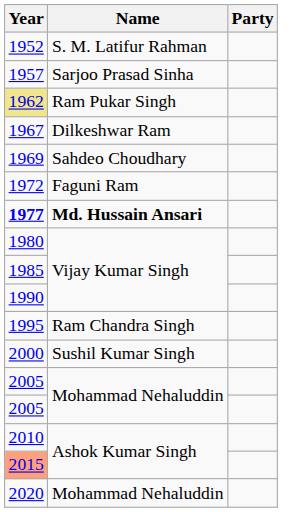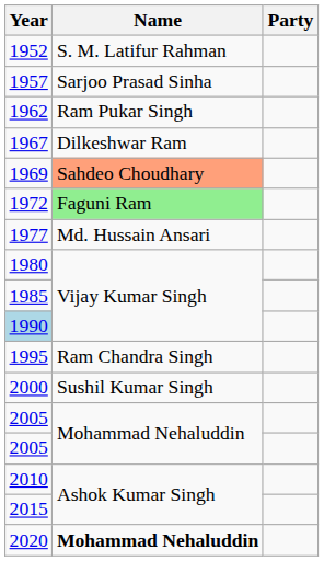 <table class="wikitable sortable">
 <tr>
 <th>Year</th>
 <th>Name</th>
 <th colspan="2">Party</th>
 </tr>
 <tr>
 <td><a href='#'>1952</a></td>
 <td>S. M. Latifur Rahman</td>
 <td></td>
 </tr>
 <tr>
 <td><a href='#'>1957</a></td>
 <td>Sarjoo Prasad Sinha</td>
 </tr>
 <tr>
-<td style="background: khaki;"><a href='#'>1962</a></td>
+<td><a href='#'>1962</a></td>
 <td>Ram Pukar Singh</td>
 <td></td>
 </tr>
 <tr>
 <td><a href='#'>1967</a></td>
 <td>Dilkeshwar Ram</td>
 <td></td>
 </tr>
 <tr>
 <td><a href='#'>1969</a></td>
-<td>Sahdeo Choudhary</td>
+<td style="background: lightsalmon;">Sahdeo Choudhary</td>
 <td></td>
 </tr>
 <tr>
 <td><a href='#'>1972</a></td>
-<td>Faguni Ram</td>
+<td style="background: lightgreen;">Faguni Ram</td>
 <td></td>
 </tr>
 <tr>
-<td><strong><a href='#'>1977</a></strong></td>
-<td><strong>Md. Hussain Ansari</strong></td>
+<td><a href='#'>1977</a></td>
+<td>Md. Hussain Ansari</td>
 <td></td>
 </tr>
 <tr>
 <td><a href='#'>1980</a></td>
 <td rowspan="3">Vijay Kumar Singh</td>
 </tr>
 <tr>
 <td><a href='#'>1985</a></td>
 <td></td>
 </tr>
 <tr>
-<td><a href='#'>1990</a></td>
+<td style="background: lightblue;"><a href='#'>1990</a></td>
 </tr>
 <tr>
 <td><a href='#'>1995</a></td>
 <td>Ram Chandra Singh</td>
 <td></td>
 </tr>
 <tr>
 <td><a href='#'>2000</a></td>
 <td>Sushil Kumar Singh</td>
 <td></td>
 </tr>
 <tr>
 <td><a href='#'>2005</a></td>
 <td rowspan="2">Mohammad Nehaluddin</td>
 <td></td>
 </tr>
 <tr>
 <td><a href='#'>2005</a></td>
 </tr>
 <tr>
 <td><a href='#'>2010</a></td>
 <td rowspan="2">Ashok Kumar Singh</td>
 <td></td>
 </tr>
 <tr>
-<td style="background: lightsalmon;"><a href='#'>2015</a></td>
+<td><a href='#'>2015</a></td>
 </tr>
 <tr>
 <td><a href='#'>2020</a></td>
-<td>Mohammad Nehaluddin</td>
+<td><strong>Mohammad Nehaluddin</strong></td>
 <td></td>
 </tr>
 </table>
